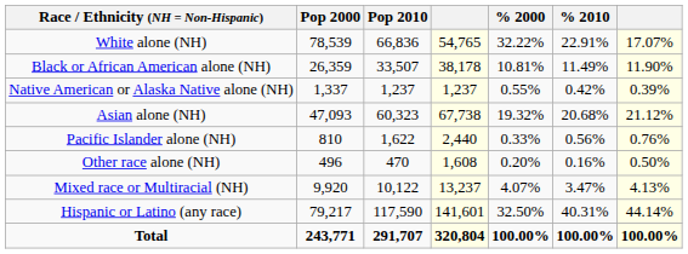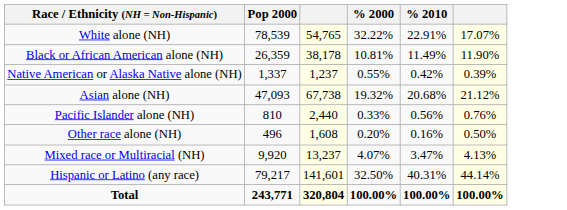 <table class="wikitable" style="text-align:center;">
 <tr>
 <th>Race / Ethnicity <small>(<em>NH = Non-Hispanic</em>)</small></th>
 <th>Pop 2000</th>
-<th>Pop 2010</th>
 <th></th>
 <th>% 2000</th>
 <th>% 2010</th>
 <th></th>
 </tr>
 <tr>
 <td><a href='#'>White</a> alone (NH)</td>
 <td>78,539</td>
-<td>66,836</td>
 <td style='background: #ffffe6;'>54,765</td>
 <td>32.22%</td>
 <td>22.91%</td>
 <td style='background: #ffffe6;'>17.07%</td>
 </tr>
 <tr>
 <td><a href='#'>Black or African American</a> alone (NH)</td>
 <td>26,359</td>
-<td>33,507</td>
 <td style='background: #ffffe6;'>38,178</td>
 <td>10.81%</td>
 <td>11.49%</td>
 <td style='background: #ffffe6;'>11.90%</td>
 </tr>
 <tr>
 <td><a href='#'>Native American</a> or <a href='#'>Alaska Native</a> alone (NH)</td>
 <td>1,337</td>
-<td>1,237</td>
 <td style='background: #ffffe6;'>1,237</td>
 <td>0.55%</td>
 <td>0.42%</td>
 <td style='background: #ffffe6;'>0.39%</td>
 </tr>
 <tr>
 <td><a href='#'>Asian</a> alone (NH)</td>
 <td>47,093</td>
-<td>60,323</td>
 <td style='background: #ffffe6;'>67,738</td>
 <td>19.32%</td>
 <td>20.68%</td>
 <td style='background: #ffffe6;'>21.12%</td>
 </tr>
 <tr>
 <td><a href='#'>Pacific Islander</a> alone (NH)</td>
 <td>810</td>
-<td>1,622</td>
 <td style='background: #ffffe6;'>2,440</td>
 <td>0.33%</td>
 <td>0.56%</td>
 <td style='background: #ffffe6;'>0.76%</td>
 </tr>
 <tr>
 <td><a href='#'>Other race</a> alone (NH)</td>
 <td>496</td>
-<td>470</td>
 <td style='background: #ffffe6;'>1,608</td>
 <td>0.20%</td>
 <td>0.16%</td>
 <td style='background: #ffffe6;'>0.50%</td>
 </tr>
 <tr>
 <td><a href='#'>Mixed race or Multiracial</a> (NH)</td>
 <td>9,920</td>
-<td>10,122</td>
 <td style='background: #ffffe6;'>13,237</td>
 <td>4.07%</td>
 <td>3.47%</td>
 <td style='background: #ffffe6;'>4.13%</td>
 </tr>
 <tr>
 <td><a href='#'>Hispanic or Latino</a> (any race)</td>
 <td>79,217</td>
-<td>117,590</td>
 <td style='background: #ffffe6;'>141,601</td>
 <td>32.50%</td>
 <td>40.31%</td>
 <td style='background: #ffffe6;'>44.14%</td>
 </tr>
 <tr>
 <td><strong>Total</strong></td>
 <td><strong>243,771</strong></td>
-<td><strong>291,707</strong></td>
 <td style='background: #ffffe6;'><strong>320,804</strong></td>
 <td><strong>100.00%</strong></td>
 <td><strong>100.00%</strong></td>
 <td style='background: #ffffe6;'><strong>100.00%</strong></td>
 </tr>
 </table>
